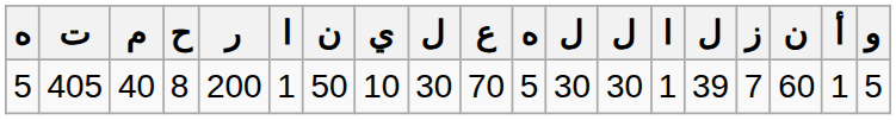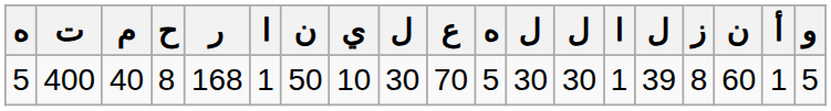 <table class="wikitable">
 <tr>
 <th>ه</th>
 <th>ت</th>
 <th>م</th>
 <th>ح</th>
 <th>ر</th>
 <th>ا</th>
 <th>ن</th>
 <th>ي</th>
 <th>ل</th>
 <th>ع</th>
 <th>ه</th>
 <th>ل</th>
 <th>ل</th>
 <th>ا</th>
 <th>ل</th>
 <th>ز</th>
 <th>ن</th>
 <th>أ</th>
 <th>و</th>
 </tr>
 <tr>
 <td>5</td>
-<td>405</td>
+<td>400</td>
 <td>40</td>
 <td>8</td>
-<td>200</td>
+<td>168</td>
 <td>1</td>
 <td>50</td>
 <td>10</td>
 <td>30</td>
 <td>70</td>
 <td>5</td>
 <td>30</td>
 <td>30</td>
 <td>1</td>
 <td>39</td>
-<td>7</td>
+<td>8</td>
 <td>60</td>
 <td>1</td>
 <td>5</td>
 </tr>
 </table>
